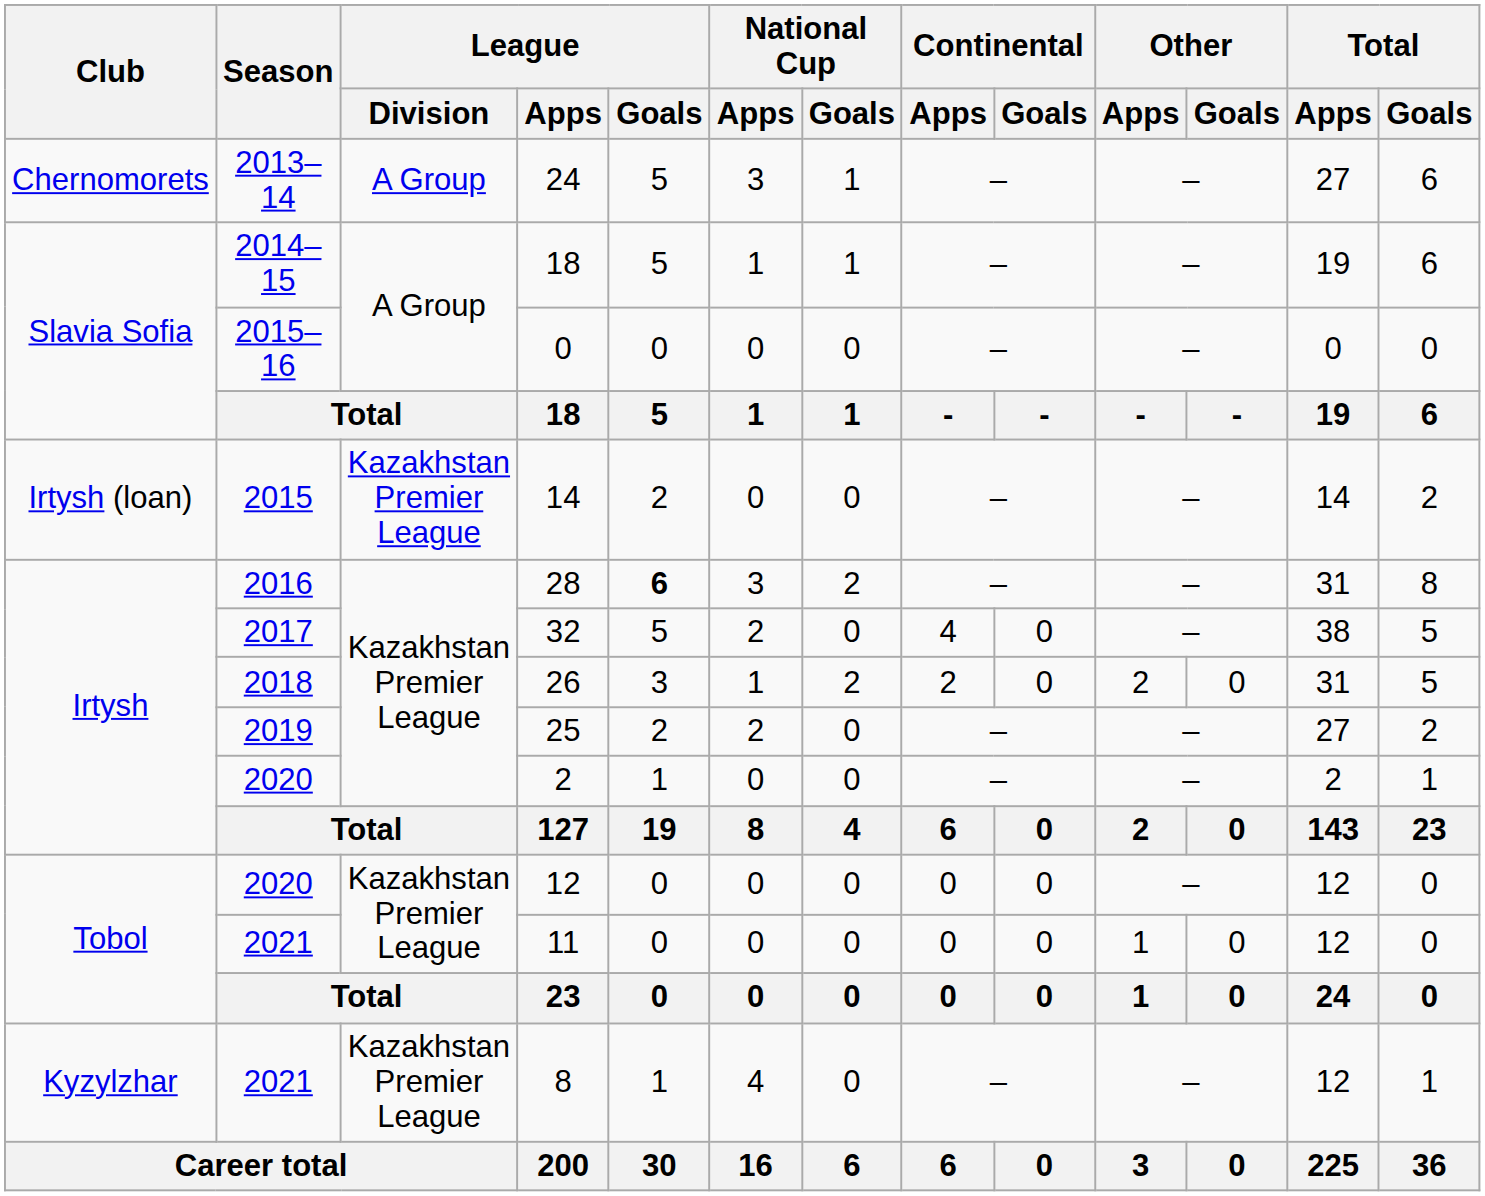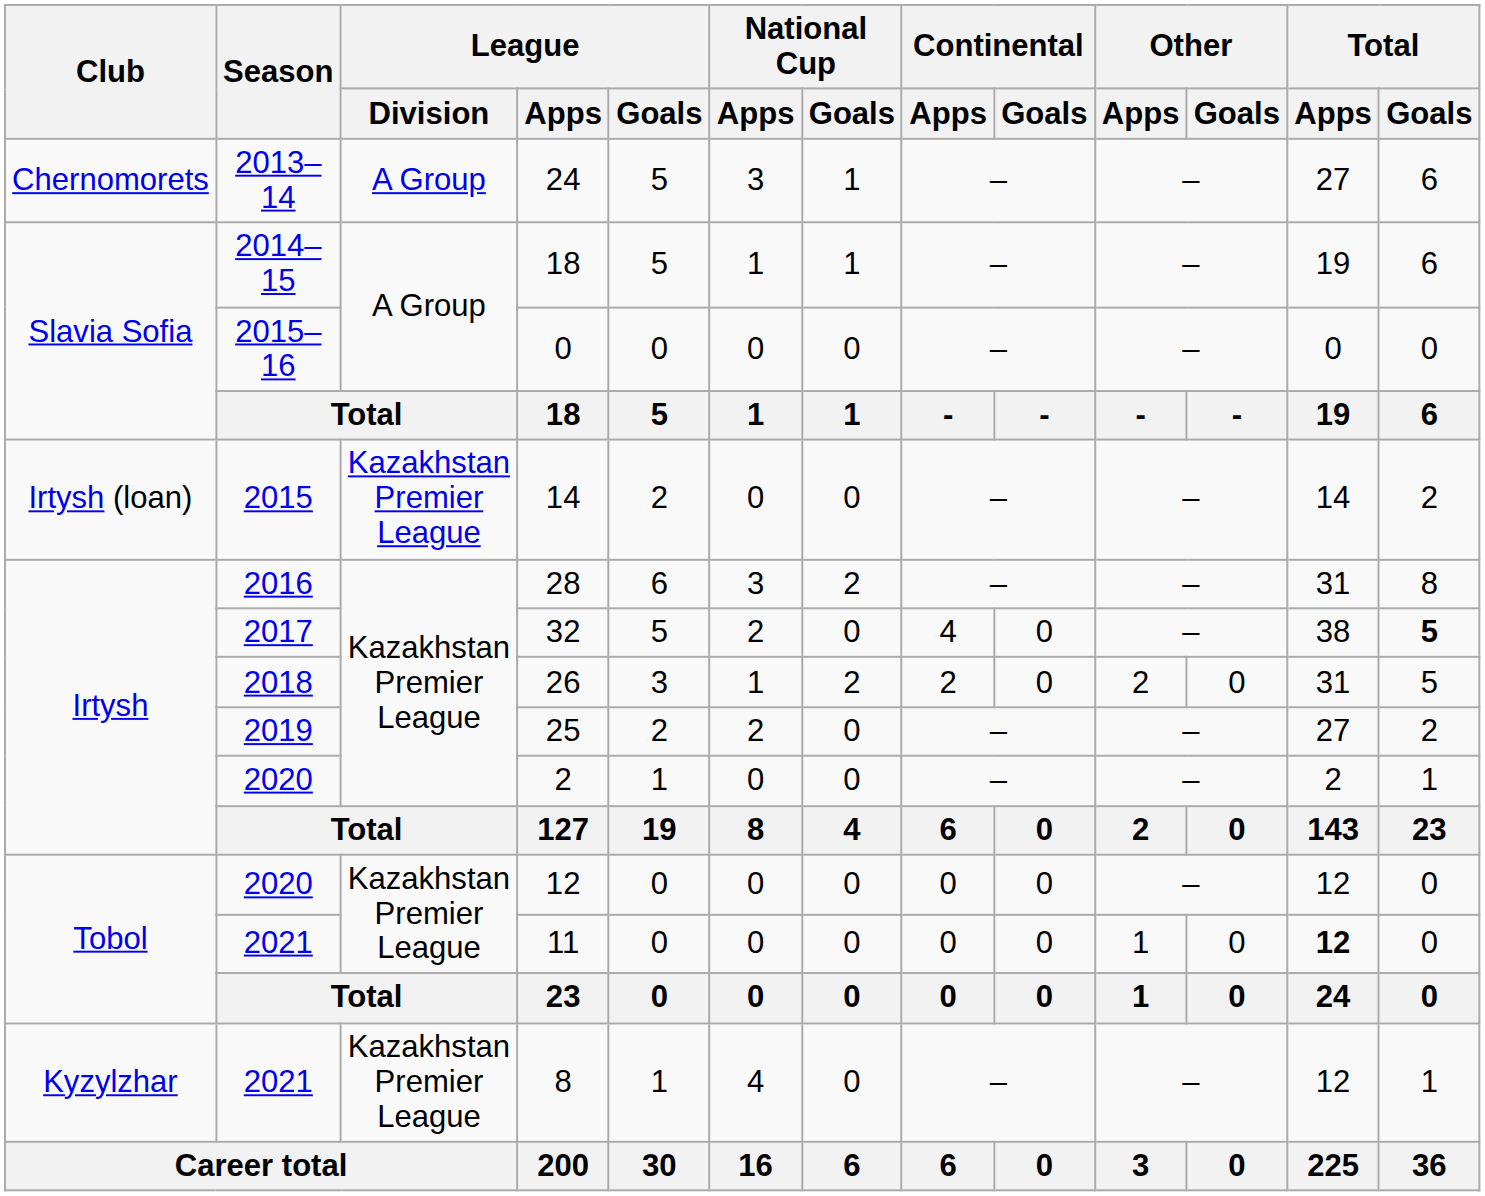 <table class="wikitable" style="text-align: center;">
 <tr>
 <th rowspan="2">Club</th>
 <th rowspan="2">Season</th>
 <th colspan="3">League</th>
 <th colspan="2">National Cup</th>
 <th colspan="2">Continental</th>
 <th colspan="2">Other</th>
 <th colspan="2">Total</th>
 </tr>
 <tr>
 <th>Division</th>
 <th>Apps</th>
 <th>Goals</th>
 <th>Apps</th>
 <th>Goals</th>
 <th>Apps</th>
 <th>Goals</th>
 <th>Apps</th>
 <th>Goals</th>
 <th>Apps</th>
 <th>Goals</th>
 </tr>
 <tr>
 <td><a href='#'>Chernomorets</a></td>
 <td><a href='#'>2013–14</a></td>
 <td><a href='#'>A Group</a></td>
 <td>24</td>
 <td>5</td>
 <td>3</td>
 <td>1</td>
 <td colspan="2">–</td>
 <td colspan="2">–</td>
 <td>27</td>
 <td>6</td>
 </tr>
 <tr>
 <td rowspan="3"><a href='#'>Slavia Sofia</a></td>
 <td><a href='#'>2014–15</a></td>
 <td rowspan="2">A Group</td>
 <td>18</td>
 <td>5</td>
 <td>1</td>
 <td>1</td>
 <td colspan="2">–</td>
 <td colspan="2">–</td>
 <td>19</td>
 <td>6</td>
 </tr>
 <tr>
 <td><a href='#'>2015–16</a></td>
 <td>0</td>
 <td>0</td>
 <td>0</td>
 <td>0</td>
 <td colspan="2">–</td>
 <td colspan="2">–</td>
 <td>0</td>
 <td>0</td>
 </tr>
 <tr>
 <th colspan="2">Total</th>
 <th>18</th>
 <th>5</th>
 <th>1</th>
 <th>1</th>
 <th>-</th>
 <th>-</th>
 <th>-</th>
 <th>-</th>
 <th>19</th>
 <th>6</th>
 </tr>
 <tr>
 <td><a href='#'>Irtysh</a> (loan)</td>
 <td><a href='#'>2015</a></td>
 <td><a href='#'>Kazakhstan Premier League</a></td>
 <td>14</td>
 <td>2</td>
 <td>0</td>
 <td>0</td>
 <td colspan="2">–</td>
 <td colspan="2">–</td>
 <td>14</td>
 <td>2</td>
 </tr>
 <tr>
 <td rowspan="6"><a href='#'>Irtysh</a></td>
 <td><a href='#'>2016</a></td>
 <td rowspan="5">Kazakhstan Premier League</td>
 <td>28</td>
-<td><strong>6</strong></td>
+<td>6</td>
 <td>3</td>
 <td>2</td>
 <td colspan="2">–</td>
 <td colspan="2">–</td>
 <td>31</td>
 <td>8</td>
 </tr>
 <tr>
 <td><a href='#'>2017</a></td>
 <td>32</td>
 <td>5</td>
 <td>2</td>
 <td>0</td>
 <td>4</td>
 <td>0</td>
 <td colspan="2">–</td>
 <td>38</td>
-<td>5</td>
+<td><strong>5</strong></td>
 </tr>
 <tr>
 <td><a href='#'>2018</a></td>
 <td>26</td>
 <td>3</td>
 <td>1</td>
 <td>2</td>
 <td>2</td>
 <td>0</td>
 <td>2</td>
 <td>0</td>
 <td>31</td>
 <td>5</td>
 </tr>
 <tr>
 <td><a href='#'>2019</a></td>
 <td>25</td>
 <td>2</td>
 <td>2</td>
 <td>0</td>
 <td colspan="2">–</td>
 <td colspan="2">–</td>
 <td>27</td>
 <td>2</td>
 </tr>
 <tr>
 <td><a href='#'>2020</a></td>
 <td>2</td>
 <td>1</td>
 <td>0</td>
 <td>0</td>
 <td colspan="2">–</td>
 <td colspan="2">–</td>
 <td>2</td>
 <td>1</td>
 </tr>
 <tr>
 <th colspan="2">Total</th>
 <th>127</th>
 <th>19</th>
 <th>8</th>
 <th>4</th>
 <th>6</th>
 <th>0</th>
 <th>2</th>
 <th>0</th>
 <th>143</th>
 <th>23</th>
 </tr>
 <tr>
 <td rowspan="3"><a href='#'>Tobol</a></td>
 <td><a href='#'>2020</a></td>
 <td rowspan="2">Kazakhstan Premier League</td>
 <td>12</td>
 <td>0</td>
 <td>0</td>
 <td>0</td>
 <td>0</td>
 <td>0</td>
 <td colspan="2">–</td>
 <td>12</td>
 <td>0</td>
 </tr>
 <tr>
 <td><a href='#'>2021</a></td>
 <td>11</td>
 <td>0</td>
 <td>0</td>
 <td>0</td>
 <td>0</td>
 <td>0</td>
 <td>1</td>
 <td>0</td>
-<td>12</td>
+<td><strong>12</strong></td>
 <td>0</td>
 </tr>
 <tr>
 <th colspan="2">Total</th>
 <th>23</th>
 <th>0</th>
 <th>0</th>
 <th>0</th>
 <th>0</th>
 <th>0</th>
 <th>1</th>
 <th>0</th>
 <th>24</th>
 <th>0</th>
 </tr>
 <tr>
 <td><a href='#'>Kyzylzhar</a></td>
 <td><a href='#'>2021</a></td>
 <td>Kazakhstan Premier League</td>
 <td>8</td>
 <td>1</td>
 <td>4</td>
 <td>0</td>
 <td colspan="2">–</td>
 <td colspan="2">–</td>
 <td>12</td>
 <td>1</td>
 </tr>
 <tr>
 <th colspan="3">Career total</th>
 <th>200</th>
 <th>30</th>
 <th>16</th>
 <th>6</th>
 <th>6</th>
 <th>0</th>
 <th>3</th>
 <th>0</th>
 <th>225</th>
 <th>36</th>
 </tr>
 </table>
